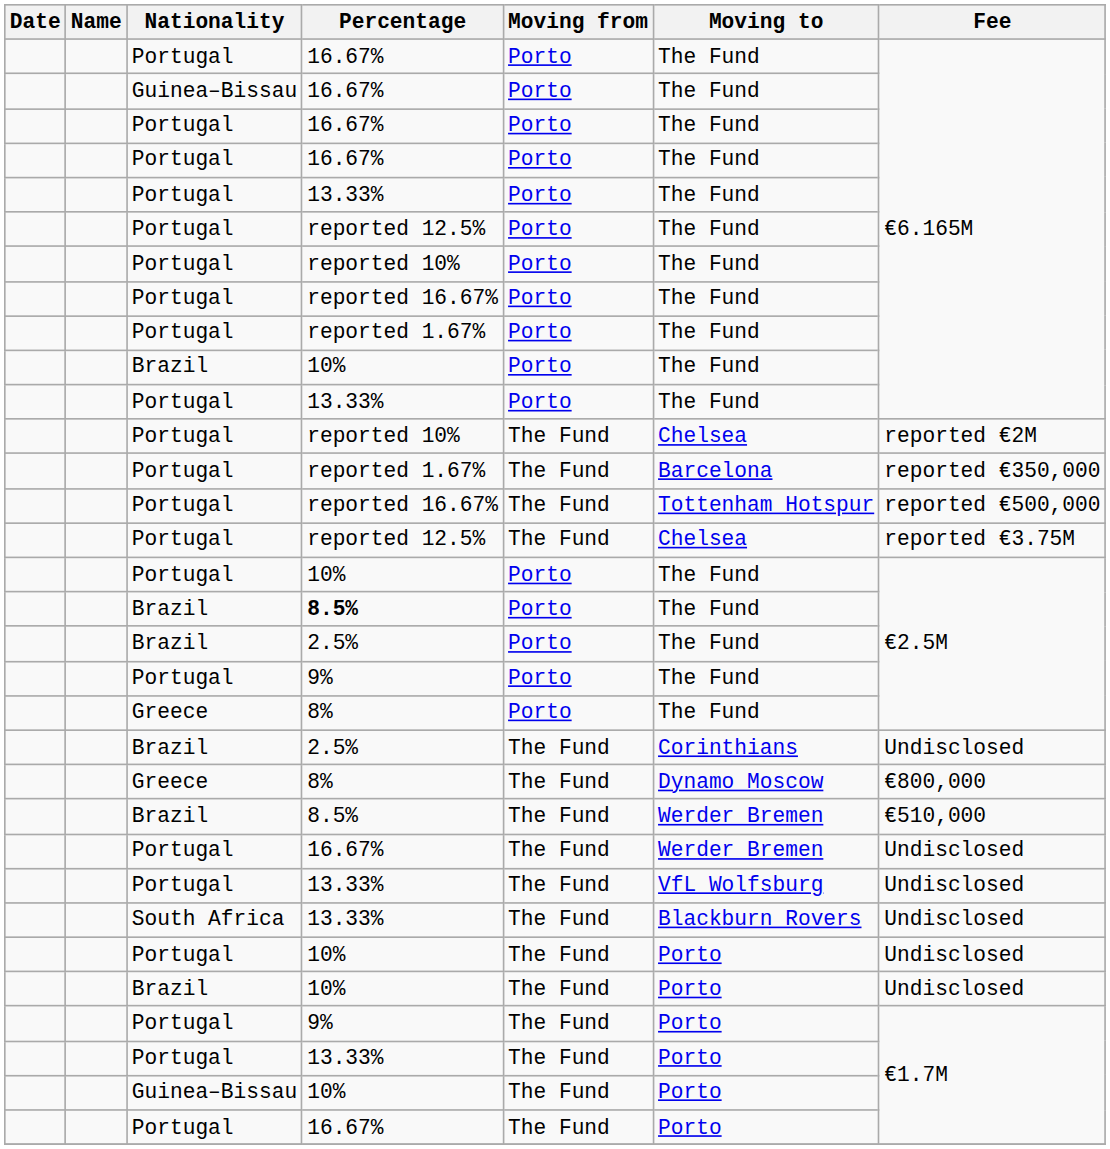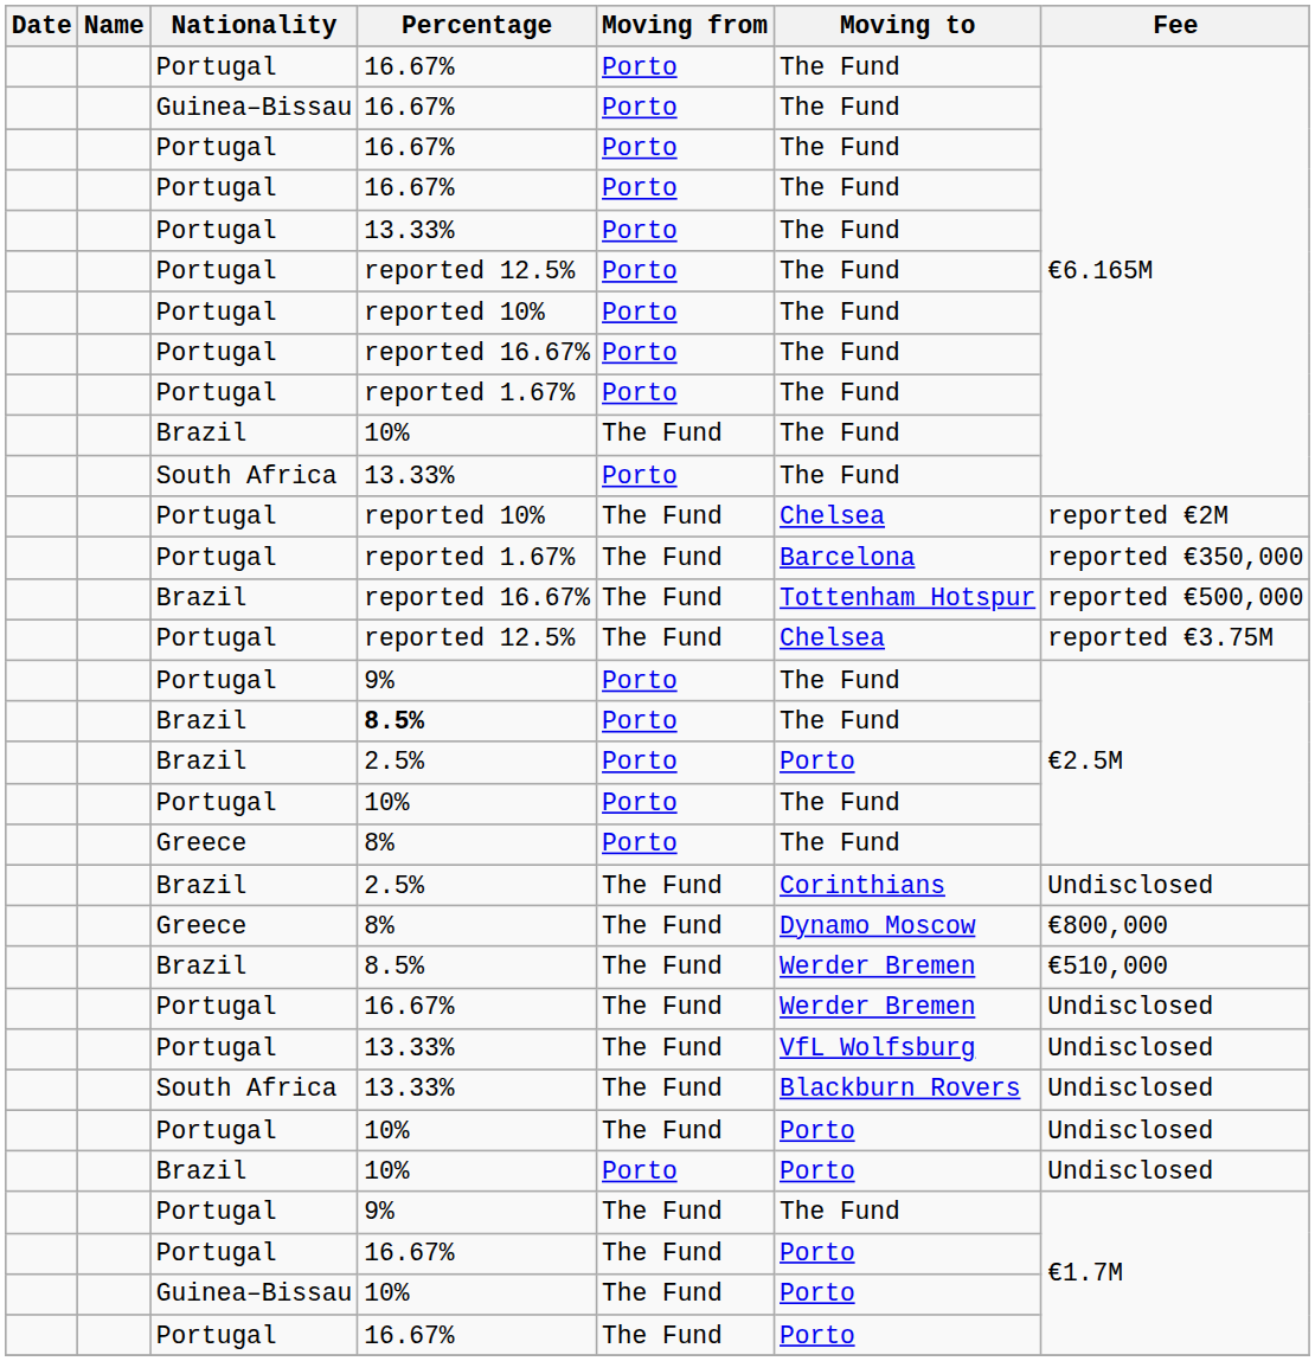 <table class="wikitable">
 <tr>
 <th>Date</th>
 <th>Name</th>
 <th>Nationality</th>
 <th>Percentage</th>
 <th>Moving from</th>
 <th>Moving to</th>
 <th>Fee</th>
 </tr>
 <tr>
 <td align=right></td>
 <td></td>
 <td>Portugal</td>
 <td>16.67%</td>
 <td><a href='#'>Porto</a></td>
 <td>The Fund</td>
 <td rowspan=11>€6.165M</td>
 </tr>
 <tr>
 <td align=right></td>
 <td></td>
 <td>Guinea–Bissau</td>
 <td>16.67%</td>
 <td><a href='#'>Porto</a></td>
 <td>The Fund</td>
 </tr>
 <tr>
 <td align=right></td>
 <td></td>
 <td>Portugal</td>
 <td>16.67%</td>
 <td><a href='#'>Porto</a></td>
 <td>The Fund</td>
 </tr>
 <tr>
 <td align=right></td>
 <td></td>
 <td>Portugal</td>
 <td>16.67%</td>
 <td><a href='#'>Porto</a></td>
 <td>The Fund</td>
 </tr>
 <tr>
 <td align=right></td>
 <td></td>
 <td>Portugal</td>
 <td>13.33%</td>
 <td><a href='#'>Porto</a></td>
 <td>The Fund</td>
 </tr>
 <tr>
 <td align=right></td>
 <td></td>
 <td>Portugal</td>
 <td>reported 12.5%</td>
 <td><a href='#'>Porto</a></td>
 <td>The Fund</td>
 </tr>
 <tr>
 <td align=right></td>
 <td></td>
 <td>Portugal</td>
 <td>reported 10%</td>
 <td><a href='#'>Porto</a></td>
 <td>The Fund</td>
 </tr>
 <tr>
 <td align=right></td>
 <td></td>
 <td>Portugal</td>
 <td>reported 16.67%</td>
 <td><a href='#'>Porto</a></td>
 <td>The Fund</td>
 </tr>
 <tr>
 <td align=right></td>
 <td></td>
 <td>Portugal</td>
 <td>reported 1.67%</td>
 <td><a href='#'>Porto</a></td>
 <td>The Fund</td>
 </tr>
 <tr>
 <td align=right></td>
 <td></td>
 <td>Brazil</td>
 <td>10%</td>
-<td><a href='#'>Porto</a></td>
+<td>The Fund</td>
 <td>The Fund</td>
 </tr>
 <tr>
 <td align=right></td>
 <td></td>
-<td>Portugal</td>
+<td>South Africa</td>
 <td>13.33%</td>
 <td><a href='#'>Porto</a></td>
 <td>The Fund</td>
 </tr>
 <tr>
 <td align=right></td>
 <td></td>
 <td>Portugal</td>
 <td>reported 10%</td>
 <td>The Fund</td>
 <td> <a href='#'>Chelsea</a></td>
 <td>reported €2M</td>
 </tr>
 <tr>
 <td align=right></td>
 <td></td>
 <td>Portugal</td>
 <td>reported 1.67%</td>
 <td>The Fund</td>
 <td> <a href='#'>Barcelona</a></td>
 <td>reported €350,000</td>
 </tr>
 <tr>
 <td align=right></td>
 <td></td>
-<td>Portugal</td>
+<td>Brazil</td>
 <td>reported 16.67%</td>
 <td>The Fund</td>
 <td> <a href='#'>Tottenham Hotspur</a></td>
 <td>reported €500,000</td>
 </tr>
 <tr>
 <td align=right></td>
 <td></td>
 <td>Portugal</td>
 <td>reported 12.5%</td>
 <td>The Fund</td>
 <td> <a href='#'>Chelsea</a></td>
 <td>reported €3.75M</td>
 </tr>
 <tr>
 <td align=right></td>
 <td></td>
 <td>Portugal</td>
-<td>10%</td>
+<td>9%</td>
 <td><a href='#'>Porto</a></td>
 <td>The Fund</td>
 <td rowspan=5>€2.5M</td>
 </tr>
 <tr>
 <td align=right></td>
 <td></td>
 <td>Brazil</td>
 <td><strong>8.5%</strong></td>
 <td><a href='#'>Porto</a></td>
 <td>The Fund</td>
 </tr>
 <tr>
 <td align=right></td>
 <td></td>
 <td>Brazil</td>
 <td>2.5%</td>
 <td><a href='#'>Porto</a></td>
-<td>The Fund</td>
+<td><a href='#'>Porto</a></td>
 </tr>
 <tr>
 <td align=right></td>
 <td></td>
 <td>Portugal</td>
-<td>9%</td>
+<td>10%</td>
 <td><a href='#'>Porto</a></td>
 <td>The Fund</td>
 </tr>
 <tr>
 <td align=right></td>
 <td></td>
 <td>Greece</td>
 <td>8%</td>
 <td><a href='#'>Porto</a></td>
 <td>The Fund</td>
 </tr>
 <tr>
 <td align=right></td>
 <td></td>
 <td>Brazil</td>
 <td>2.5%</td>
 <td>The Fund</td>
 <td> <a href='#'>Corinthians</a></td>
 <td>Undisclosed</td>
 </tr>
 <tr>
 <td align=right></td>
 <td></td>
 <td>Greece</td>
 <td>8%</td>
 <td>The Fund</td>
 <td> <a href='#'>Dynamo Moscow</a></td>
 <td>€800,000</td>
 </tr>
 <tr>
 <td align=right></td>
 <td></td>
 <td>Brazil</td>
 <td>8.5%</td>
 <td>The Fund</td>
 <td> <a href='#'>Werder Bremen</a></td>
 <td>€510,000</td>
 </tr>
 <tr>
 <td align=right></td>
 <td></td>
 <td>Portugal</td>
 <td>16.67%</td>
 <td>The Fund</td>
 <td> <a href='#'>Werder Bremen</a></td>
 <td>Undisclosed</td>
 </tr>
 <tr>
 <td align=right></td>
 <td></td>
 <td>Portugal</td>
 <td>13.33%</td>
 <td>The Fund</td>
 <td> <a href='#'>VfL Wolfsburg</a></td>
 <td>Undisclosed</td>
 </tr>
 <tr>
 <td align=right></td>
 <td></td>
 <td>South Africa</td>
 <td>13.33%</td>
 <td>The Fund</td>
 <td> <a href='#'>Blackburn Rovers</a></td>
 <td>Undisclosed</td>
 </tr>
 <tr>
 <td align=right></td>
 <td></td>
 <td>Portugal</td>
 <td>10%</td>
 <td>The Fund</td>
 <td><a href='#'>Porto</a></td>
 <td>Undisclosed</td>
 </tr>
 <tr>
 <td align=right></td>
 <td></td>
 <td>Brazil</td>
 <td>10%</td>
-<td>The Fund</td>
+<td><a href='#'>Porto</a></td>
 <td><a href='#'>Porto</a></td>
 <td>Undisclosed</td>
 </tr>
 <tr>
 <td align=right></td>
 <td></td>
 <td>Portugal</td>
 <td>9%</td>
 <td>The Fund</td>
-<td><a href='#'>Porto</a></td>
+<td>The Fund</td>
 <td rowspan=4>€1.7M</td>
 </tr>
 <tr>
 <td align=right></td>
 <td></td>
 <td>Portugal</td>
-<td>13.33%</td>
+<td>16.67%</td>
 <td>The Fund</td>
 <td><a href='#'>Porto</a></td>
 </tr>
 <tr>
 <td align=right></td>
 <td></td>
 <td>Guinea–Bissau</td>
 <td>10%</td>
 <td>The Fund</td>
 <td><a href='#'>Porto</a></td>
 </tr>
 <tr>
 <td align=right></td>
 <td></td>
 <td>Portugal</td>
 <td>16.67%</td>
 <td>The Fund</td>
 <td><a href='#'>Porto</a></td>
 </tr>
 <tr>
 </tr>
 </table>
